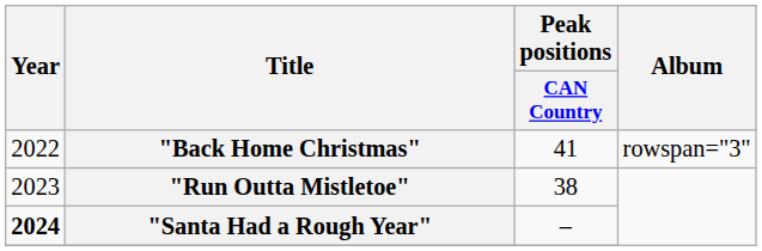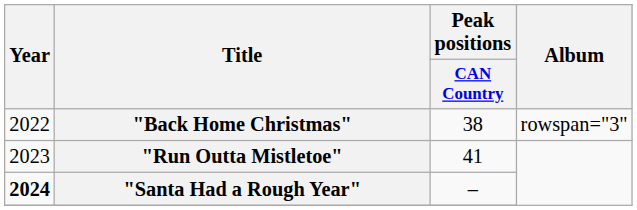 <table class="wikitable plainrowheaders">
 <tr>
 <th scope="col" rowspan="2">Year</th>
 <th scope="col" rowspan="2" style="width:18em;">Title</th>
 <th scope="col">Peak positions</th>
 <th scope="col" rowspan="2">Album</th>
 </tr>
 <tr style="font-size:smaller;">
 <th scope="col" width="4em;"><a href='#'>CAN Country</a><br></th>
 </tr>
 <tr>
 <td>2022</td>
 <th scope="row">"Back Home Christmas"</th>
-<td align="center">41</td>
+<td align="center">38</td>
 <td>rowspan="3" </td>
 </tr>
 <tr>
 <td>2023</td>
 <th scope="row">"Run Outta Mistletoe"</th>
-<td align="center">38</td>
+<td align="center">41</td>
 </tr>
 <tr>
 <td><strong>2024</strong></td>
 <th scope="row">"Santa Had a Rough Year"</th>
 <td align="center">–</td>
 </tr>
 <tr>
 </tr>
 </table>
